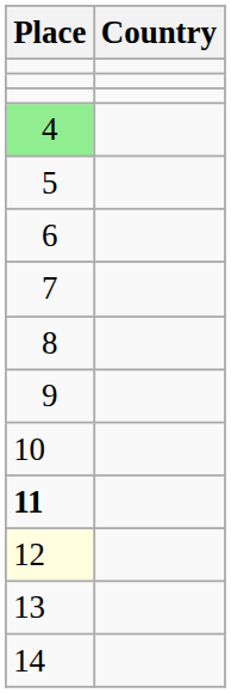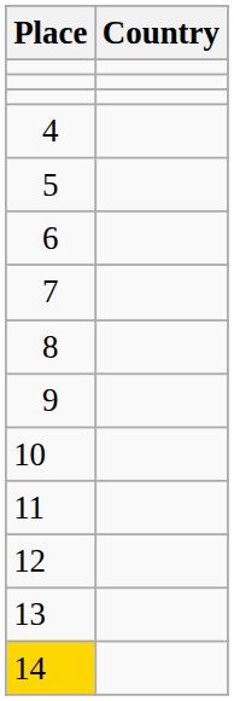 <table class="wikitable" style="font-size:95%;">
 <tr>
 <th>Place</th>
 <th>Country</th>
 </tr>
 <tr>
 <td align="center"></td>
 <td></td>
 </tr>
 <tr>
 <td align="center"></td>
 <td></td>
 </tr>
 <tr>
 <td align="center"></td>
 <td></td>
 </tr>
 <tr>
-<td align="center" style="background: lightgreen;">4</td>
+<td align="center">4</td>
 <td></td>
 </tr>
 <tr>
 <td align="center">5</td>
 <td></td>
 </tr>
 <tr>
 <td align="center">6</td>
 <td></td>
 </tr>
 <tr>
 <td align="center">7</td>
 <td></td>
 </tr>
 <tr>
 <td align="center">8</td>
 <td></td>
 </tr>
 <tr>
 <td align="center">9</td>
 <td></td>
 </tr>
 <tr>
 <td>10</td>
 <td></td>
 </tr>
 <tr>
-<td><strong>11</strong></td>
+<td>11</td>
 <td></td>
 </tr>
 <tr>
-<td style="background: lightyellow;">12</td>
+<td>12</td>
 <td></td>
 </tr>
 <tr>
 <td>13</td>
 <td></td>
 </tr>
 <tr>
-<td>14</td>
+<td style="background: gold;">14</td>
 <td></td>
 </tr>
 </table>
